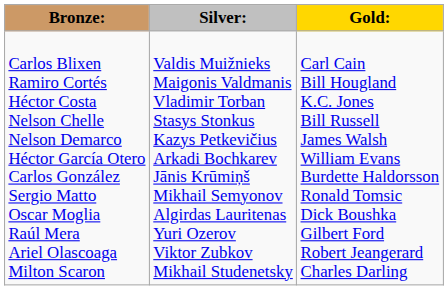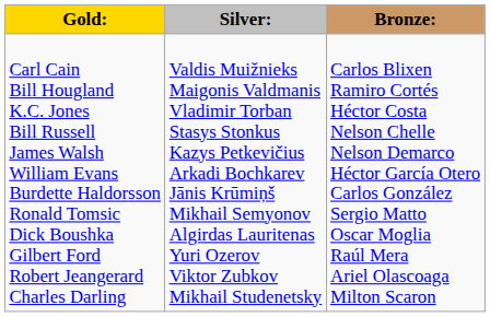 <table class="wikitable">
 <tr>
+<td style="text-align:center;background-color:gold;"><strong>Gold:</strong></td>
+<td style="text-align:center;background-color:silver;"><strong>Silver:</strong></td>
 <td style="text-align:center;background-color:#CC9966;"><strong>Bronze:</strong></td>
-<td style="text-align:center;background-color:silver;"><strong>Silver:</strong></td>
-<td style="text-align:center;background-color:gold;"><strong>Gold:</strong></td>
 </tr>
 <tr valign=top>
+<td> <br><a href='#'>Carl Cain</a><br><a href='#'>Bill Hougland</a><br><a href='#'>K.C. Jones</a><br><a href='#'>Bill Russell</a><br><a href='#'>James Walsh</a><br><a href='#'>William Evans</a><br><a href='#'>Burdette Haldorsson</a><br><a href='#'>Ronald Tomsic</a><br><a href='#'>Dick Boushka</a><br><a href='#'>Gilbert Ford</a><br><a href='#'>Robert Jeangerard</a><br><a href='#'>Charles Darling</a></td>
+<td> <br><a href='#'>Valdis Muižnieks</a><br><a href='#'>Maigonis Valdmanis</a><br><a href='#'>Vladimir Torban</a><br><a href='#'>Stasys Stonkus</a><br><a href='#'>Kazys Petkevičius</a><br><a href='#'>Arkadi Bochkarev</a><br><a href='#'>Jānis Krūmiņš</a><br><a href='#'>Mikhail Semyonov</a><br><a href='#'>Algirdas Lauritenas</a><br><a href='#'>Yuri Ozerov</a><br><a href='#'>Viktor Zubkov</a><br><a href='#'>Mikhail Studenetsky</a></td>
 <td> <br><a href='#'>Carlos Blixen</a><br><a href='#'>Ramiro Cortés</a><br><a href='#'>Héctor Costa</a><br><a href='#'>Nelson Chelle</a><br><a href='#'>Nelson Demarco</a><br><a href='#'>Héctor García Otero</a><br><a href='#'>Carlos González</a><br><a href='#'>Sergio Matto</a><br><a href='#'>Oscar Moglia</a><br><a href='#'>Raúl Mera</a><br><a href='#'>Ariel Olascoaga</a><br><a href='#'>Milton Scaron</a></td>
-<td> <br><a href='#'>Valdis Muižnieks</a><br><a href='#'>Maigonis Valdmanis</a><br><a href='#'>Vladimir Torban</a><br><a href='#'>Stasys Stonkus</a><br><a href='#'>Kazys Petkevičius</a><br><a href='#'>Arkadi Bochkarev</a><br><a href='#'>Jānis Krūmiņš</a><br><a href='#'>Mikhail Semyonov</a><br><a href='#'>Algirdas Lauritenas</a><br><a href='#'>Yuri Ozerov</a><br><a href='#'>Viktor Zubkov</a><br><a href='#'>Mikhail Studenetsky</a></td>
-<td> <br><a href='#'>Carl Cain</a><br><a href='#'>Bill Hougland</a><br><a href='#'>K.C. Jones</a><br><a href='#'>Bill Russell</a><br><a href='#'>James Walsh</a><br><a href='#'>William Evans</a><br><a href='#'>Burdette Haldorsson</a><br><a href='#'>Ronald Tomsic</a><br><a href='#'>Dick Boushka</a><br><a href='#'>Gilbert Ford</a><br><a href='#'>Robert Jeangerard</a><br><a href='#'>Charles Darling</a></td>
 </tr>
 </table>
